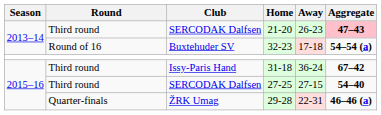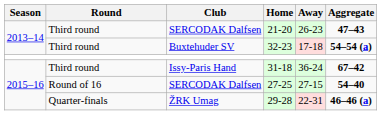 <table class="wikitable">
 <tr>
 <th>Season</th>
 <th width=175>Round</th>
 <th>Club</th>
 <th>Home</th>
 <th>Away</th>
 <th>Aggregate</th>
 </tr>
 <tr>
 <td rowspan=2><a href='#'>2013–14</a></td>
 <td>Third round</td>
 <td> <a href='#'>SERCODAK Dalfsen</a></td>
 <td style="text-align:center; background:#dfd;">21-20</td>
 <td style="text-align:center; background:#dfd;">26-23</td>
-<td style="background: pink; text-align:center;"><strong>47–43</strong></td>
+<td style="text-align:center;"><strong>47–43</strong></td>
 </tr>
 <tr>
-<td>Round of 16</td>
+<td>Third round</td>
 <td> <a href='#'>Buxtehuder SV</a></td>
 <td style="text-align:center; background:#dfd;">32-23</td>
 <td style="text-align:center; background:#fdd;">17-18</td>
 <td style="text-align:center;"><strong>54–54  (<a href='#'>a</a>)</strong></td>
 </tr>
 <tr>
 <td colspan=7 style="text-align: center;" bgcolor=white></td>
 </tr>
 <tr>
 <td rowspan=3><a href='#'>2015–16</a></td>
 <td>Third round</td>
 <td> <a href='#'>Issy-Paris Hand</a></td>
 <td style="text-align:center; background:#dfd;">31-18</td>
 <td style="text-align:center; background:#dfd;">36-24</td>
 <td style="text-align:center;"><strong>67–42</strong></td>
 </tr>
 <tr>
-<td>Third round</td>
+<td>Round of 16</td>
 <td> <a href='#'>SERCODAK Dalfsen</a></td>
 <td style="text-align:center; background:#dfd;">27-25</td>
 <td style="text-align:center; background:#dfd;">27-15</td>
 <td style="text-align:center;"><strong>54–40</strong></td>
 </tr>
 <tr>
 <td>Quarter-finals</td>
 <td> <a href='#'>ŽRK Umag</a></td>
 <td style="text-align:center; background:#dfd;">29-28</td>
 <td style="text-align:center; background:#fdd;">22-31</td>
 <td style="text-align:center;"><strong>46–46 (<a href='#'>a</a>)</strong></td>
 </tr>
 </table>
